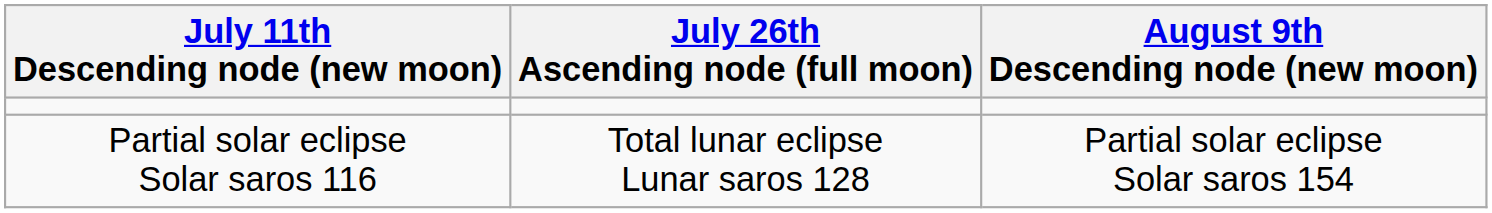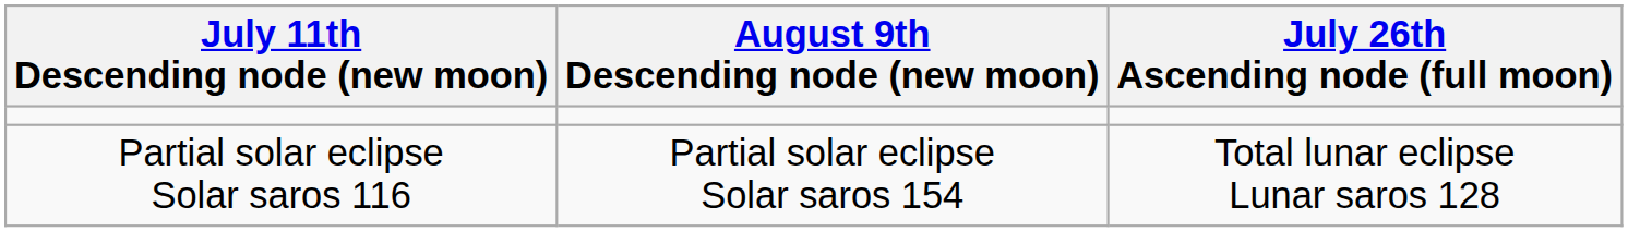 <table class="wikitable">
 <tr>
 <th><a href='#'>July 11th</a><br>Descending node (new moon)</th>
+<th><a href='#'>August 9th</a><br>Descending node (new moon)</th>
 <th><a href='#'>July 26th</a><br>Ascending node (full moon)</th>
-<th><a href='#'>August 9th</a><br>Descending node (new moon)</th>
 </tr>
 <tr>
 <td></td>
 <td></td>
 <td></td>
 </tr>
 <tr align=center>
 <td>Partial solar eclipse<br>Solar saros 116</td>
+<td>Partial solar eclipse<br>Solar saros 154</td>
 <td>Total lunar eclipse<br>Lunar saros 128</td>
-<td>Partial solar eclipse<br>Solar saros 154</td>
 </tr>
 </table>
